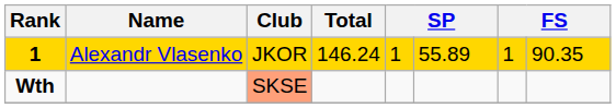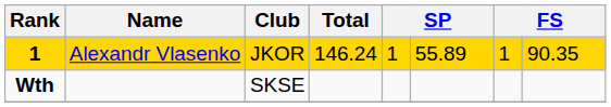 <table class="wikitable sortable">
 <tr>
 <th>Rank</th>
 <th>Name</th>
 <th>Club</th>
 <th>Total</th>
 <th colspan="2" width="80px"><a href='#'>SP</a></th>
 <th colspan="2" width="80px"><a href='#'>FS</a></th>
 </tr>
 <tr bgcolor="gold">
 <td align="center"><strong>1</strong></td>
 <td><a href='#'>Alexandr Vlasenko</a></td>
 <td>JKOR</td>
 <td>146.24</td>
 <td>1</td>
 <td>55.89</td>
 <td>1</td>
 <td>90.35</td>
 </tr>
 <tr>
 <td align="center"><strong>Wth</strong></td>
 <td></td>
-<td style="background: lightsalmon;">SKSE</td>
+<td>SKSE</td>
 <td></td>
 <td></td>
 <td></td>
 <td></td>
 <td></td>
 </tr>
 <tr>
 </tr>
 </table>
